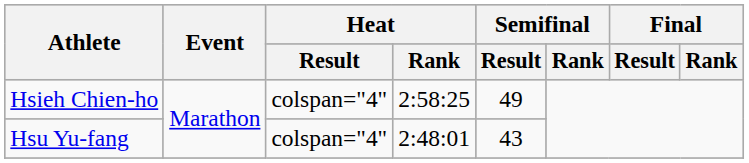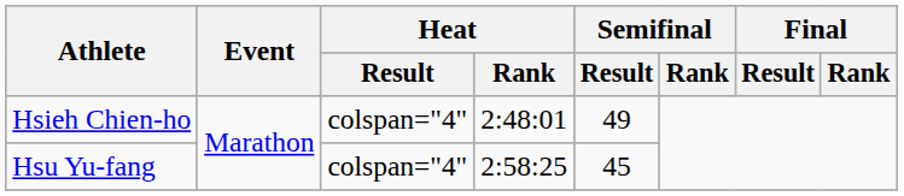 <table class="wikitable" style="font-size:90%">
 <tr>
 <th rowspan="2">Athlete</th>
 <th rowspan="2">Event</th>
 <th colspan="2">Heat</th>
 <th colspan="2">Semifinal</th>
 <th colspan="2">Final</th>
 </tr>
 <tr style="font-size:95%">
 <th>Result</th>
 <th>Rank</th>
 <th>Result</th>
 <th>Rank</th>
 <th>Result</th>
 <th>Rank</th>
 </tr>
 <tr style=text-align:center>
 <td style=text-align:left><a href='#'>Hsieh Chien-ho</a></td>
 <td style=text-align:left rowspan=2><a href='#'>Marathon</a></td>
 <td>colspan="4" </td>
-<td>2:58:25</td>
+<td>2:48:01</td>
 <td>49</td>
 </tr>
 <tr style=text-align:center>
 <td style=text-align:left><a href='#'>Hsu Yu-fang</a></td>
 <td>colspan="4" </td>
-<td>2:48:01</td>
-<td>43</td>
+<td>2:58:25</td>
+<td>45</td>
 </tr>
 </table>
